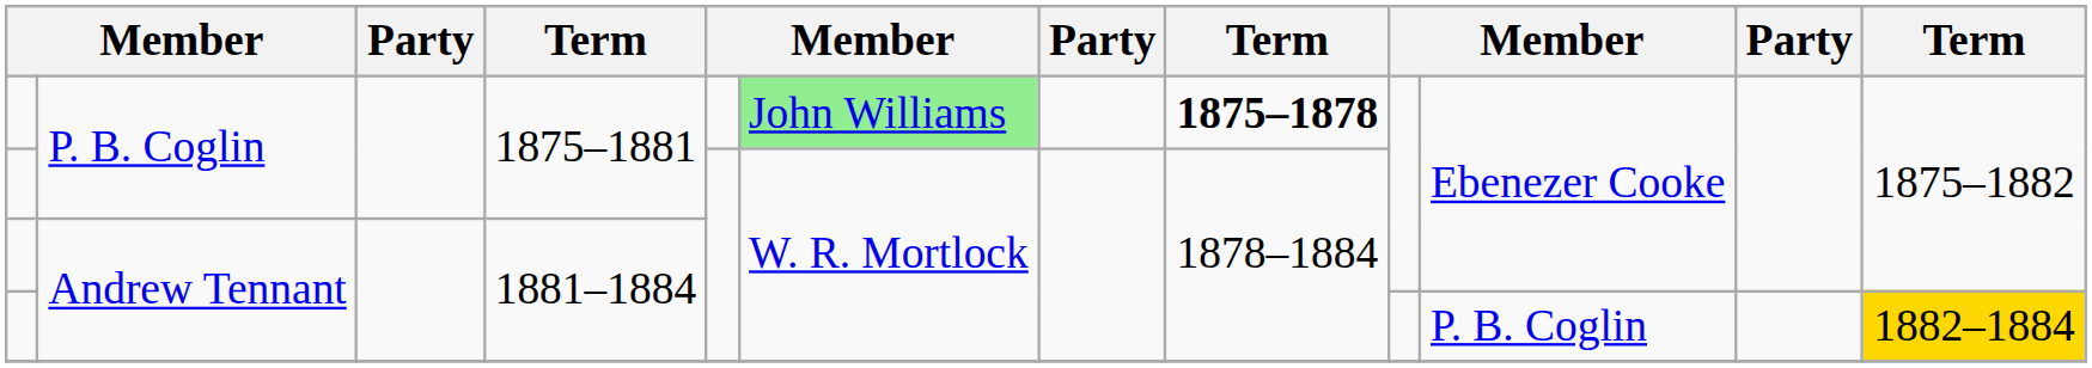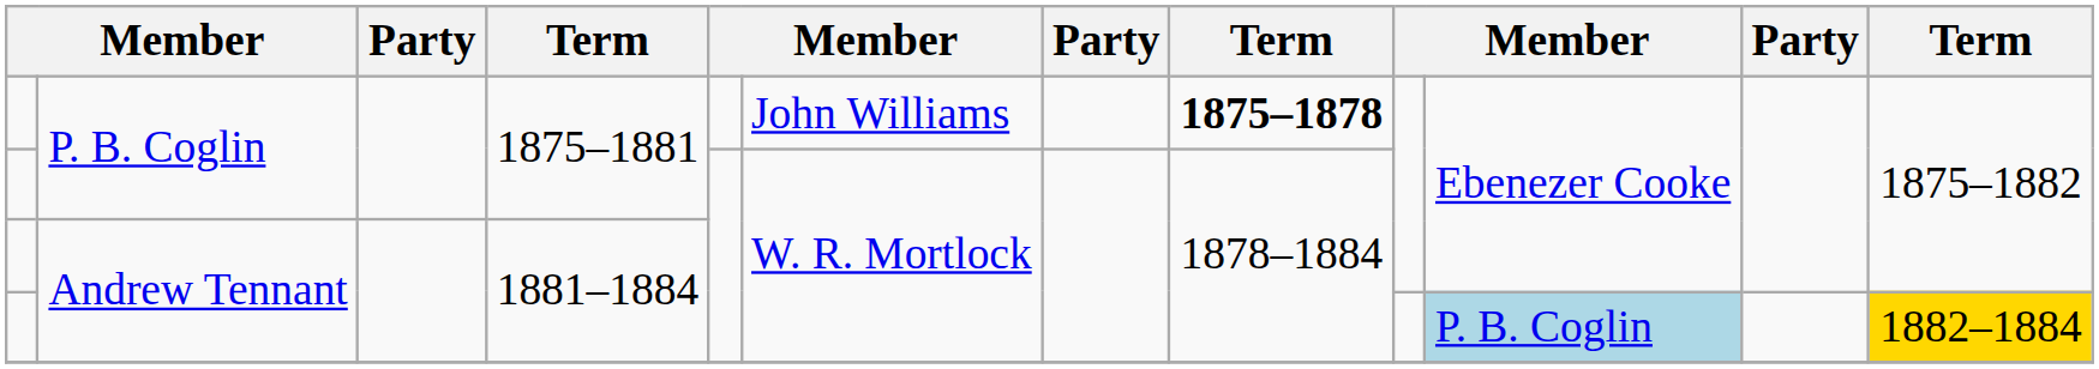 <table class="wikitable">
 <tr>
 <th colspan="2">Member</th>
 <th>Party</th>
 <th>Term</th>
 <th colspan="2">Member</th>
 <th>Party</th>
 <th>Term</th>
 <th colspan="2">Member</th>
 <th>Party</th>
 <th>Term</th>
 </tr>
 <tr>
 <td> </td>
 <td rowspan="2"><a href='#'>P. B. Coglin</a></td>
 <td rowspan="2"></td>
 <td rowspan="2">1875–1881</td>
 <td> </td>
-<td style="background: lightgreen;"><a href='#'>John Williams</a></td>
+<td><a href='#'>John Williams</a></td>
 <td></td>
 <td><strong>1875–1878</strong></td>
 <td rowspan="3" > </td>
 <td rowspan="3"><a href='#'>Ebenezer Cooke</a></td>
 <td rowspan="3"></td>
 <td rowspan="3">1875–1882</td>
 </tr>
 <tr>
 <td> </td>
 <td rowspan="3" > </td>
 <td rowspan="3"><a href='#'>W. R. Mortlock</a></td>
 <td rowspan="3"></td>
 <td rowspan="3">1878–1884</td>
 </tr>
 <tr>
 <td> </td>
 <td rowspan="2"><a href='#'>Andrew Tennant</a></td>
 <td rowspan="2"></td>
 <td rowspan="2">1881–1884</td>
 </tr>
 <tr>
 <td> </td>
 <td> </td>
-<td><a href='#'>P. B. Coglin</a></td>
+<td style="background: lightblue;"><a href='#'>P. B. Coglin</a></td>
 <td></td>
 <td style="background: gold;">1882–1884</td>
 </tr>
 <tr>
 </tr>
 </table>
